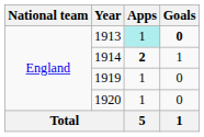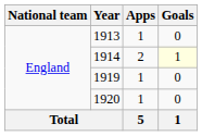 <table class="wikitable" style="text-align:center">
 <tr>
 <th>National team</th>
 <th>Year</th>
 <th>Apps</th>
 <th>Goals</th>
 </tr>
 <tr>
 <td rowspan="4"><a href='#'>England</a></td>
 <td>1913</td>
-<td style="background: paleturquoise;">1</td>
-<td><strong>0</strong></td>
+<td>1</td>
+<td>0</td>
 </tr>
 <tr>
 <td>1914</td>
-<td><strong>2</strong></td>
-<td>1</td>
+<td>2</td>
+<td style="background: lightyellow;">1</td>
 </tr>
 <tr>
 <td>1919</td>
 <td>1</td>
 <td>0</td>
 </tr>
 <tr>
 <td>1920</td>
 <td>1</td>
 <td>0</td>
 </tr>
 <tr>
 <th colspan="2">Total</th>
 <th>5</th>
 <th>1</th>
 </tr>
 </table>
